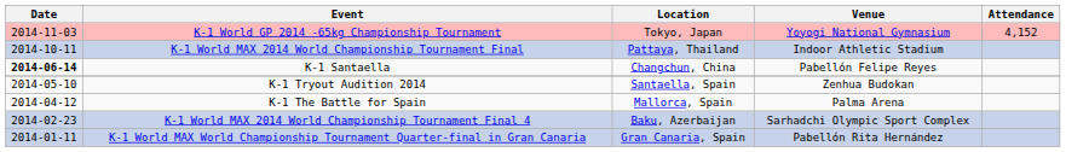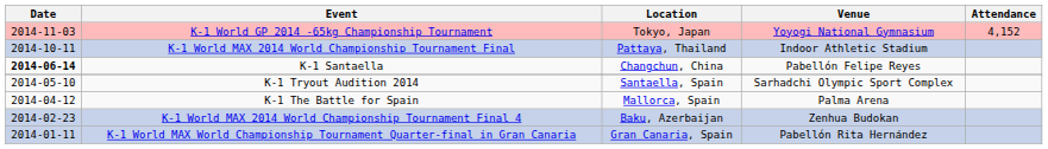 <table class="wikitable" style="width:100%; text-align:center">
 <tr>
 <th>Date</th>
 <th>Event</th>
 <th>Location</th>
 <th>Venue</th>
 <th>Attendance</th>
 </tr>
 <tr style="background:#FBB">
 <td>2014-11-03</td>
 <td><a href='#'>K-1 World GP 2014 -65kg Championship Tournament</a></td>
 <td> Tokyo, Japan</td>
 <td><a href='#'>Yoyogi National Gymnasium</a></td>
 <td>4,152</td>
 </tr>
 <tr style="background:#C5D2EA">
 <td>2014-10-11</td>
 <td><a href='#'>K-1 World MAX 2014 World Championship Tournament Final</a></td>
 <td> <a href='#'>Pattaya</a>, Thailand</td>
 <td>Indoor Athletic Stadium</td>
 <td></td>
 </tr>
 <tr style="background:">
 <td><strong>2014-06-14</strong></td>
 <td>K-1 Santaella</td>
 <td> <a href='#'>Changchun</a>, China</td>
 <td>Pabellón Felipe Reyes</td>
 <td></td>
 </tr>
 <tr>
 </tr>
 <tr style="background:">
 <td>2014-05-10</td>
 <td>K-1 Tryout Audition 2014</td>
 <td> <a href='#'>Santaella</a>, Spain</td>
-<td>Zenhua Budokan</td>
+<td>Sarhadchi Olympic Sport Complex</td>
 <td></td>
 </tr>
 <tr>
 <td>2014-04-12</td>
 <td>K-1 The Battle for Spain</td>
 <td> <a href='#'>Mallorca</a>, Spain</td>
 <td>Palma Arena</td>
 <td></td>
 </tr>
 <tr style="background:#C5D2EA">
 <td>2014-02-23</td>
 <td><a href='#'>K-1 World MAX 2014 World Championship Tournament Final 4</a></td>
 <td> <a href='#'>Baku</a>, Azerbaijan</td>
-<td>Sarhadchi Olympic Sport Complex</td>
+<td>Zenhua Budokan</td>
 <td></td>
 </tr>
 <tr style="background:#C5D2EA">
 <td>2014-01-11</td>
 <td><a href='#'>K-1 World MAX World Championship Tournament Quarter-final in Gran Canaria</a></td>
 <td> <a href='#'>Gran Canaria</a>, Spain</td>
 <td>Pabellón Rita Hernández</td>
 <td></td>
 </tr>
 </table>
